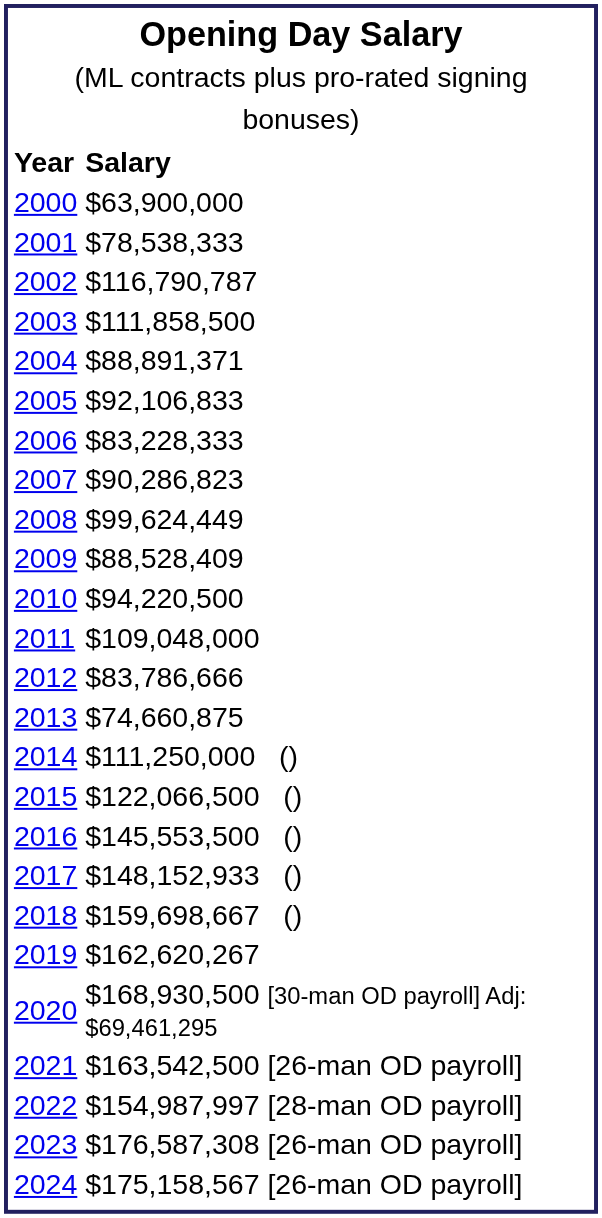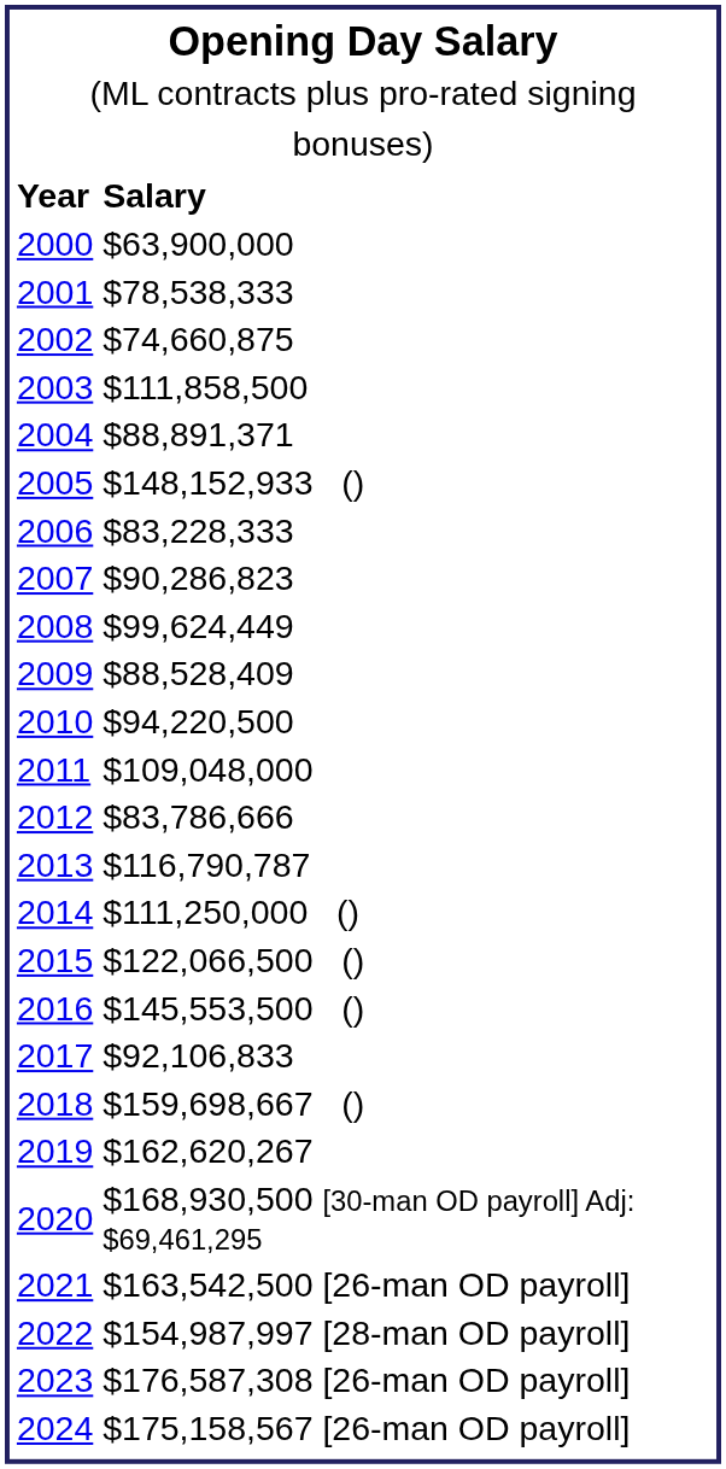 <table cellpadding="1" style="width:300px; font-size:90%; border:2px solid #22205F;">
 <tr style="text-align:center; font-size:larger;">
 <td colspan=5><strong>Opening Day Salary</strong> <br> <small>(ML contracts plus pro-rated signing bonuses)</small></td>
 </tr>
 <tr>
 <td><strong>Year</strong></td>
 <td><strong>Salary</strong></td>
 </tr>
 <tr>
 <td><a href='#'>2000</a></td>
 <td>$63,900,000</td>
 </tr>
 <tr>
 <td><a href='#'>2001</a></td>
 <td>$78,538,333</td>
 </tr>
 <tr>
 <td><a href='#'>2002</a></td>
-<td>$116,790,787</td>
+<td>$74,660,875</td>
 </tr>
 <tr>
 <td><a href='#'>2003</a></td>
 <td>$111,858,500</td>
 </tr>
 <tr>
 <td><a href='#'>2004</a></td>
 <td>$88,891,371</td>
 </tr>
 <tr>
 <td><a href='#'>2005</a></td>
-<td>$92,106,833</td>
+<td>$148,152,933   ()</td>
 </tr>
 <tr>
 <td><a href='#'>2006</a></td>
 <td>$83,228,333</td>
 </tr>
 <tr>
 <td><a href='#'>2007</a></td>
 <td>$90,286,823</td>
 </tr>
 <tr>
 <td><a href='#'>2008</a></td>
 <td>$99,624,449</td>
 </tr>
 <tr>
 <td><a href='#'>2009</a></td>
 <td>$88,528,409</td>
 </tr>
 <tr>
 <td><a href='#'>2010</a></td>
 <td>$94,220,500</td>
 </tr>
 <tr>
 <td><a href='#'>2011</a></td>
 <td>$109,048,000</td>
 </tr>
 <tr>
 <td><a href='#'>2012</a></td>
 <td>$83,786,666</td>
 </tr>
 <tr>
 <td><a href='#'>2013</a></td>
-<td>$74,660,875</td>
+<td>$116,790,787</td>
 </tr>
 <tr>
 <td><a href='#'>2014</a></td>
 <td>$111,250,000   ()</td>
 </tr>
 <tr>
 <td><a href='#'>2015</a></td>
 <td>$122,066,500   ()</td>
 </tr>
 <tr>
 <td><a href='#'>2016</a></td>
 <td>$145,553,500   ()</td>
 </tr>
 <tr>
 <td><a href='#'>2017</a></td>
-<td>$148,152,933   ()</td>
+<td>$92,106,833</td>
 </tr>
 <tr>
 <td><a href='#'>2018</a></td>
 <td>$159,698,667   ()</td>
 </tr>
 <tr>
 <td><a href='#'>2019</a></td>
 <td>$162,620,267</td>
 </tr>
 <tr>
 <td><a href='#'>2020</a></td>
 <td>$168,930,500 <small>[30-man OD payroll] Adj: $69,461,295</small></td>
 </tr>
 <tr>
 <td><a href='#'>2021</a></td>
 <td>$163,542,500 [26-man OD payroll]</td>
 </tr>
 <tr>
 <td><a href='#'>2022</a></td>
 <td>$154,987,997 [28-man OD payroll]</td>
 </tr>
 <tr>
 <td><a href='#'>2023</a></td>
 <td>$176,587,308 [26-man OD payroll]</td>
 </tr>
 <tr>
 <td><a href='#'>2024</a></td>
 <td>$175,158,567 [26-man OD payroll]</td>
 </tr>
 <tr>
 </tr>
 </table>
